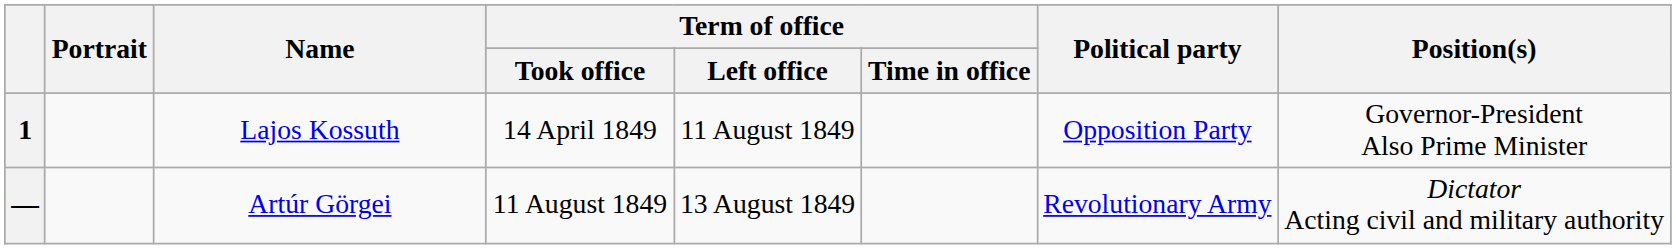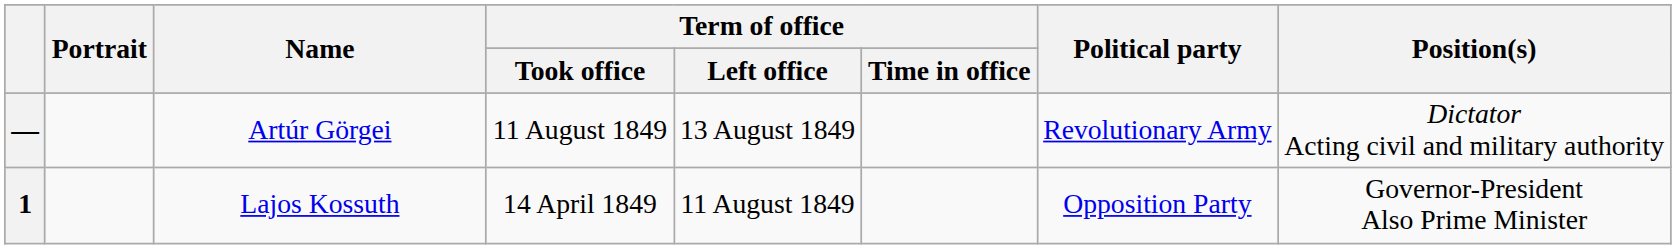 <table class="wikitable" style="text-align:center;">
 <tr>
 <th rowspan=2></th>
 <th rowspan=2>Portrait</th>
 <th width=20% rowspan=2>Name<br></th>
 <th colspan=3>Term of office</th>
 <th rowspan=2>Political party</th>
 <th rowspan=2>Position(s)</th>
 </tr>
 <tr>
 <th>Took office</th>
 <th>Left office</th>
 <th>Time in office</th>
 </tr>
 <tr>
+<th style="background-color:">—</th>
+<td></td>
+<td><a href='#'>Artúr Görgei</a><br></td>
+<td>11 August 1849</td>
+<td>13 August 1849</td>
+<td></td>
+<td><a href='#'>Revolutionary Army</a></td>
+<td><em>Dictator</em><br>Acting civil and military authority</td>
+</tr>
+<tr>
 <th style="background-color:">1</th>
 <td></td>
 <td><a href='#'>Lajos Kossuth</a><br></td>
 <td>14 April 1849</td>
 <td>11 August 1849</td>
 <td></td>
 <td><a href='#'>Opposition Party</a></td>
 <td>Governor-President<br>Also Prime Minister<br></td>
 </tr>
-<tr>
-<th style="background-color:">—</th>
-<td></td>
-<td><a href='#'>Artúr Görgei</a><br></td>
-<td>11 August 1849</td>
-<td>13 August 1849</td>
-<td></td>
-<td><a href='#'>Revolutionary Army</a></td>
-<td><em>Dictator</em><br>Acting civil and military authority</td>
-</tr>
 </table>
